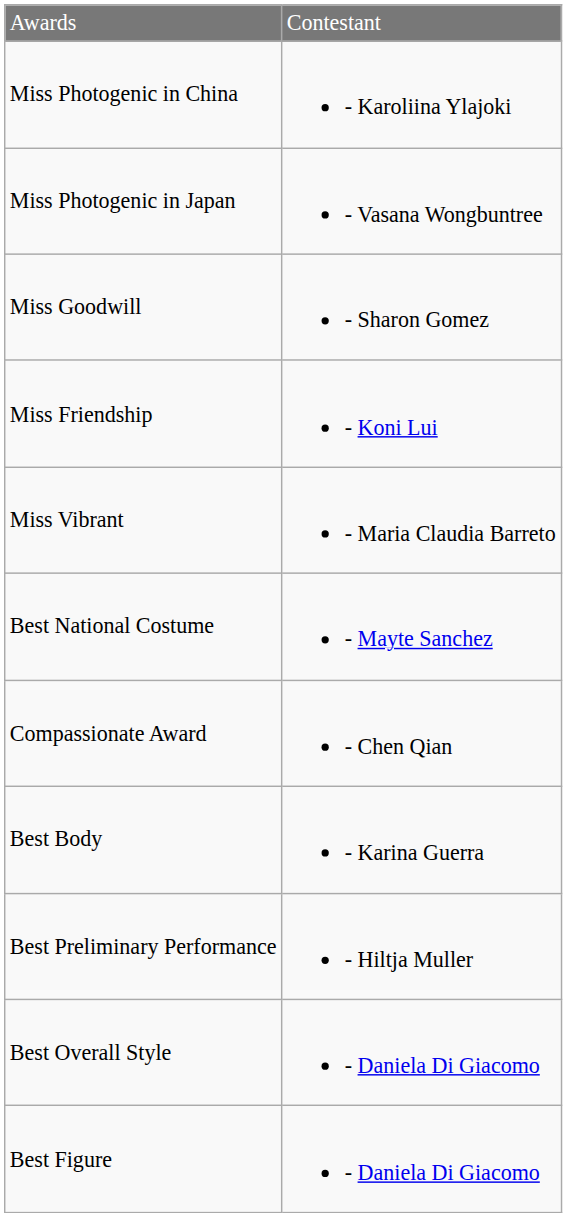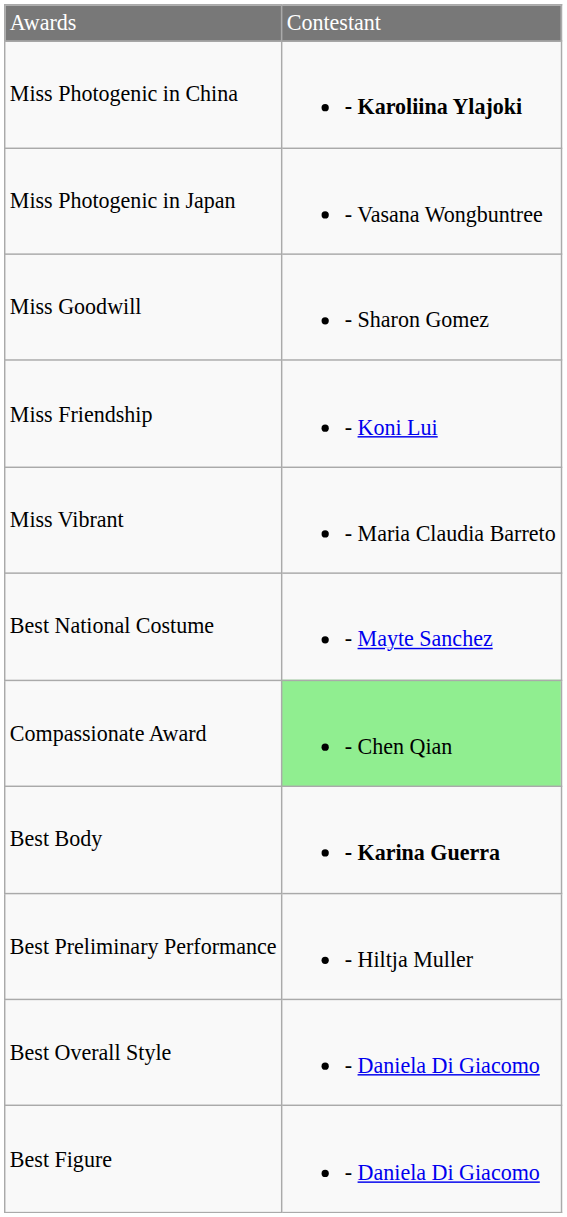 <table class="wikitable sortable" style="font-size: 95%;">
 <tr>
 <td style="background-color:#787878;color:#FFFFFF;">Awards</td>
 <td style="background-color:#787878;color:#FFFFFF;">Contestant</td>
 </tr>
 <tr>
 <td>Miss Photogenic in China</td>
-<td><br><ul><li> - Karoliina Ylajoki</li></ul></td>
+<td><strong><br><ul><li> - Karoliina Ylajoki</li></ul></strong></td>
 </tr>
 <tr>
 <td>Miss Photogenic in Japan</td>
 <td><br><ul><li> - Vasana Wongbuntree</li></ul></td>
 </tr>
 <tr>
 <td>Miss Goodwill</td>
 <td><br><ul><li> - Sharon Gomez</li></ul></td>
 </tr>
 <tr>
 <td>Miss Friendship</td>
 <td><br><ul><li> - <a href='#'>Koni Lui</a></li></ul></td>
 </tr>
 <tr>
 <td>Miss Vibrant</td>
 <td><br><ul><li> - Maria Claudia Barreto</li></ul></td>
 </tr>
 <tr>
 <td>Best National Costume</td>
 <td><br><ul><li> - <a href='#'>Mayte Sanchez</a></li></ul></td>
 </tr>
 <tr>
 <td>Compassionate Award</td>
-<td><br><ul><li> - Chen Qian</li></ul></td>
+<td style="background: lightgreen;"><br><ul><li> - Chen Qian</li></ul></td>
 </tr>
 <tr>
 <td>Best Body</td>
-<td><br><ul><li> - Karina Guerra</li></ul></td>
+<td><strong><br><ul><li> - Karina Guerra</li></ul></strong></td>
 </tr>
 <tr>
 <td>Best Preliminary Performance</td>
 <td><br><ul><li> - Hiltja Muller</li></ul></td>
 </tr>
 <tr>
 <td>Best Overall Style</td>
 <td><br><ul><li> - <a href='#'>Daniela Di Giacomo</a></li></ul></td>
 </tr>
 <tr>
 <td>Best Figure</td>
 <td><br><ul><li> - <a href='#'>Daniela Di Giacomo</a></li></ul></td>
 </tr>
 </table>
